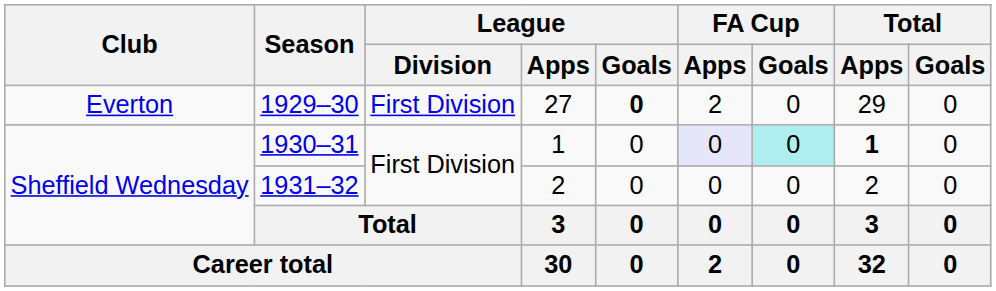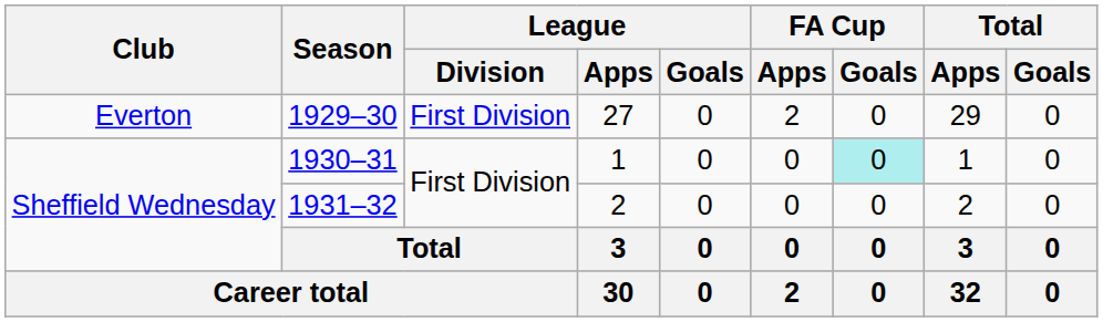 <table class="wikitable" style="text-align: center;">
 <tr>
 <th rowspan="2">Club</th>
 <th rowspan="2">Season</th>
 <th colspan="3">League</th>
 <th colspan="2">FA Cup</th>
 <th colspan="2">Total</th>
 </tr>
 <tr>
 <th>Division</th>
 <th>Apps</th>
 <th>Goals</th>
 <th>Apps</th>
 <th>Goals</th>
 <th>Apps</th>
 <th>Goals</th>
 </tr>
 <tr>
 <td><a href='#'>Everton</a></td>
 <td><a href='#'>1929–30</a></td>
 <td><a href='#'>First Division</a></td>
 <td>27</td>
-<td><strong>0</strong></td>
+<td>0</td>
 <td>2</td>
 <td>0</td>
 <td>29</td>
 <td>0</td>
 </tr>
 <tr>
 <td rowspan="3"><a href='#'>Sheffield Wednesday</a></td>
 <td><a href='#'>1930–31</a></td>
 <td rowspan="2">First Division</td>
 <td>1</td>
 <td>0</td>
-<td style="background: lavender;">0</td>
+<td>0</td>
 <td style="background: paleturquoise;">0</td>
-<td><strong>1</strong></td>
+<td>1</td>
 <td>0</td>
 </tr>
 <tr>
 <td><a href='#'>1931–32</a></td>
 <td>2</td>
 <td>0</td>
 <td>0</td>
 <td>0</td>
 <td>2</td>
 <td>0</td>
 </tr>
 <tr>
 <th colspan="2">Total</th>
 <th>3</th>
 <th>0</th>
 <th>0</th>
 <th>0</th>
 <th>3</th>
 <th>0</th>
 </tr>
 <tr>
 <th colspan="3">Career total</th>
 <th>30</th>
 <th>0</th>
 <th>2</th>
 <th>0</th>
 <th>32</th>
 <th>0</th>
 </tr>
 </table>
